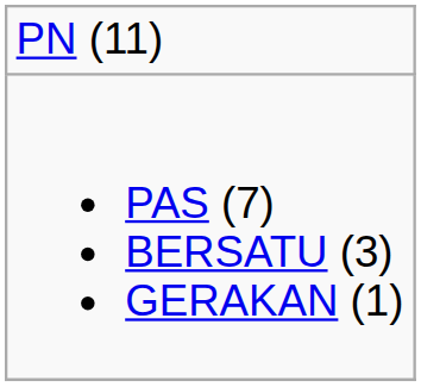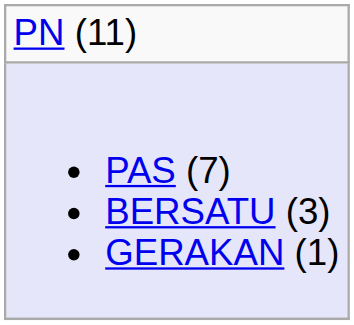 <table class="wikitable">
 <tr>
 <td> <a href='#'>PN</a> (11)</td>
 </tr>
 <tr>
-<td><br><ul><li> <a href='#'>PAS</a> (7)</li><li> <a href='#'>BERSATU</a> (3)</li><li> <a href='#'>GERAKAN</a> (1)</li></ul></td>
+<td style="background: lavender;"><br><ul><li> <a href='#'>PAS</a> (7)</li><li> <a href='#'>BERSATU</a> (3)</li><li> <a href='#'>GERAKAN</a> (1)</li></ul></td>
 </tr>
 <tr>
 </tr>
 </table>
